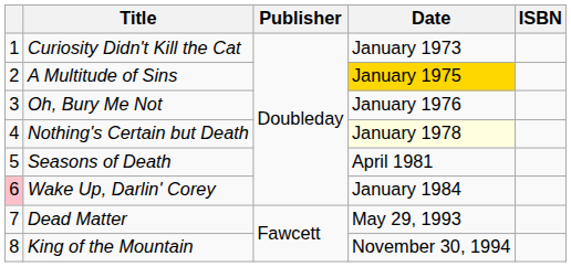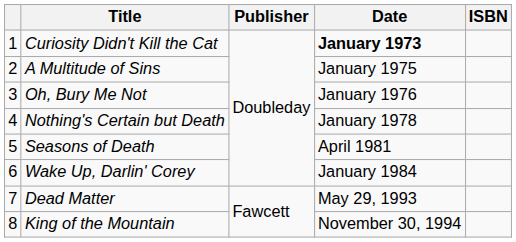 <table class="wikitable">
 <tr>
 <th></th>
 <th>Title</th>
 <th>Publisher</th>
 <th>Date</th>
 <th>ISBN</th>
 </tr>
 <tr>
 <td>1</td>
 <td><em>Curiosity Didn't Kill the Cat</em></td>
 <td rowspan="6">Doubleday</td>
-<td>January 1973</td>
+<td><strong>January 1973</strong></td>
 <td></td>
 </tr>
 <tr>
 <td>2</td>
 <td><em>A Multitude of Sins</em></td>
-<td style="background: gold;">January 1975</td>
+<td>January 1975</td>
 <td></td>
 </tr>
 <tr>
 <td>3</td>
 <td><em>Oh, Bury Me Not</em></td>
 <td>January 1976</td>
 <td></td>
 </tr>
 <tr>
 <td>4</td>
 <td><em>Nothing's Certain but Death</em></td>
-<td style="background: lightyellow;">January 1978</td>
+<td>January 1978</td>
 <td></td>
 </tr>
 <tr>
 <td>5</td>
 <td><em>Seasons of Death</em></td>
 <td>April 1981</td>
 <td></td>
 </tr>
 <tr>
-<td style="background: pink;">6</td>
+<td>6</td>
 <td><em>Wake Up, Darlin' Corey</em></td>
 <td>January 1984</td>
 <td></td>
 </tr>
 <tr>
 <td>7</td>
 <td><em>Dead Matter</em></td>
 <td rowspan="2">Fawcett</td>
 <td>May 29, 1993</td>
 <td></td>
 </tr>
 <tr>
 <td>8</td>
 <td><em>King of the Mountain</em></td>
 <td>November 30, 1994</td>
 <td></td>
 </tr>
 </table>
